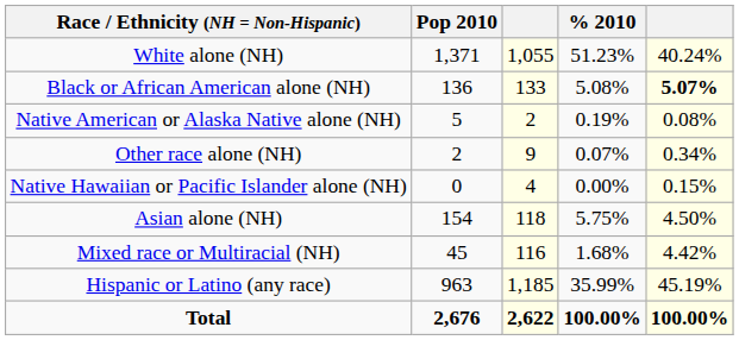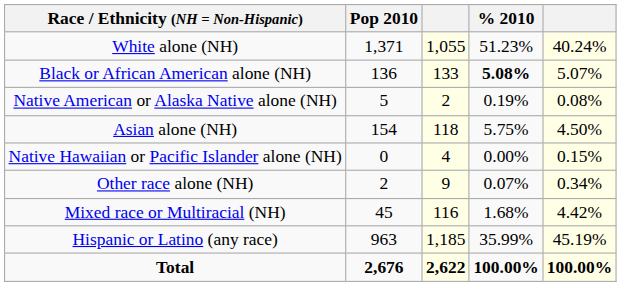 <table class="wikitable" style="text-align:center;">
 <tr>
 <th>Race / Ethnicity <small>(<em>NH = Non-Hispanic</em>)</small></th>
 <th>Pop 2010</th>
 <th></th>
 <th>% 2010</th>
 <th></th>
 </tr>
 <tr>
 <td><a href='#'>White</a> alone (NH)</td>
 <td>1,371</td>
 <td style='background: #ffffe6;'>1,055</td>
 <td>51.23%</td>
 <td style='background: #ffffe6;'>40.24%</td>
 </tr>
 <tr>
 <td><a href='#'>Black or African American</a> alone (NH)</td>
 <td>136</td>
 <td style='background: #ffffe6;'>133</td>
-<td>5.08%</td>
-<td style='background: #ffffe6;'><strong>5.07%</strong></td>
+<td><strong>5.08%</strong></td>
+<td style='background: #ffffe6;'>5.07%</td>
 </tr>
 <tr>
 <td><a href='#'>Native American</a> or <a href='#'>Alaska Native</a> alone (NH)</td>
 <td>5</td>
 <td style='background: #ffffe6;'>2</td>
 <td>0.19%</td>
 <td style='background: #ffffe6;'>0.08%</td>
 </tr>
 <tr>
-<td><a href='#'>Other race</a> alone (NH)</td>
-<td>2</td>
-<td style='background: #ffffe6;'>9</td>
-<td>0.07%</td>
-<td style='background: #ffffe6;'>0.34%</td>
+<td><a href='#'>Asian</a> alone (NH)</td>
+<td>154</td>
+<td style='background: #ffffe6;'>118</td>
+<td>5.75%</td>
+<td style='background: #ffffe6;'>4.50%</td>
 </tr>
 <tr>
 <td><a href='#'>Native Hawaiian</a> or <a href='#'>Pacific Islander</a> alone (NH)</td>
 <td>0</td>
 <td style='background: #ffffe6;'>4</td>
 <td>0.00%</td>
 <td style='background: #ffffe6;'>0.15%</td>
 </tr>
 <tr>
-<td><a href='#'>Asian</a> alone (NH)</td>
-<td>154</td>
-<td style='background: #ffffe6;'>118</td>
-<td>5.75%</td>
-<td style='background: #ffffe6;'>4.50%</td>
+<td><a href='#'>Other race</a> alone (NH)</td>
+<td>2</td>
+<td style='background: #ffffe6;'>9</td>
+<td>0.07%</td>
+<td style='background: #ffffe6;'>0.34%</td>
 </tr>
 <tr>
 <td><a href='#'>Mixed race or Multiracial</a> (NH)</td>
 <td>45</td>
 <td style='background: #ffffe6;'>116</td>
 <td>1.68%</td>
 <td style='background: #ffffe6;'>4.42%</td>
 </tr>
 <tr>
 <td><a href='#'>Hispanic or Latino</a> (any race)</td>
 <td>963</td>
 <td style='background: #ffffe6;'>1,185</td>
 <td>35.99%</td>
 <td style='background: #ffffe6;'>45.19%</td>
 </tr>
 <tr>
 <td><strong>Total</strong></td>
 <td><strong>2,676</strong></td>
 <td style='background: #ffffe6;'><strong>2,622</strong></td>
 <td><strong>100.00%</strong></td>
 <td style='background: #ffffe6;'><strong>100.00%</strong></td>
 </tr>
 </table>
